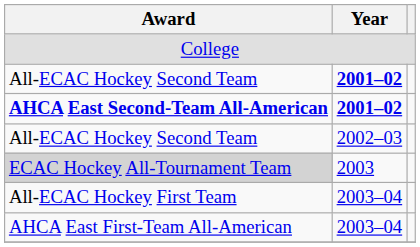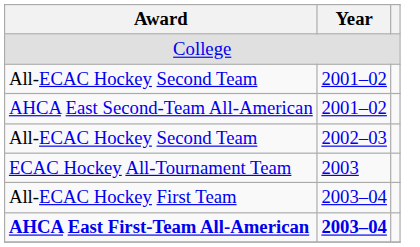 <table class="wikitable">
 <tr>
 <th>Award</th>
 <th>Year</th>
 <th></th>
 </tr>
 <tr ALIGN="center" bgcolor="#e0e0e0">
 <td colspan="3"><a href='#'>College</a></td>
 </tr>
 <tr>
 <td>All-<a href='#'>ECAC Hockey</a> <a href='#'>Second Team</a></td>
-<td><strong><a href='#'>2001–02</a></strong></td>
+<td><a href='#'>2001–02</a></td>
 <td></td>
 </tr>
 <tr>
-<td><strong><a href='#'>AHCA</a> <a href='#'>East Second-Team All-American</a></strong></td>
-<td><strong><a href='#'>2001–02</a></strong></td>
+<td><a href='#'>AHCA</a> <a href='#'>East Second-Team All-American</a></td>
+<td><a href='#'>2001–02</a></td>
 <td></td>
 </tr>
 <tr>
 <td>All-<a href='#'>ECAC Hockey</a> <a href='#'>Second Team</a></td>
 <td><a href='#'>2002–03</a></td>
 <td></td>
 </tr>
 <tr>
-<td style="background: lightgrey;"><a href='#'>ECAC Hockey</a> <a href='#'>All-Tournament Team</a></td>
+<td><a href='#'>ECAC Hockey</a> <a href='#'>All-Tournament Team</a></td>
 <td><a href='#'>2003</a></td>
 <td></td>
 </tr>
 <tr>
 <td>All-<a href='#'>ECAC Hockey</a> <a href='#'>First Team</a></td>
 <td><a href='#'>2003–04</a></td>
 <td></td>
 </tr>
 <tr>
-<td><a href='#'>AHCA</a> <a href='#'>East First-Team All-American</a></td>
-<td><a href='#'>2003–04</a></td>
+<td><strong><a href='#'>AHCA</a> <a href='#'>East First-Team All-American</a></strong></td>
+<td><strong><a href='#'>2003–04</a></strong></td>
 <td></td>
 </tr>
 <tr>
 </tr>
 </table>
